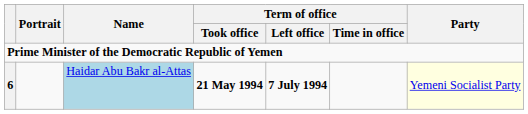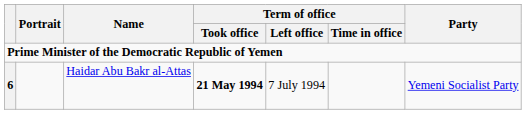 <table class="wikitable">
 <tr>
 <th rowspan="2"></th>
 <th rowspan="2">Portrait</th>
 <th rowspan="2">Name<br></th>
 <th colspan="3">Term of office</th>
 <th rowspan="2">Party</th>
 </tr>
 <tr>
 <th>Took office</th>
 <th>Left office</th>
 <th>Time in office</th>
 </tr>
 <tr>
 <td colspan="7"><strong>Prime Minister of the Democratic Republic of Yemen</strong></td>
 </tr>
 <tr>
 <th style="background:">6</th>
 <td></td>
-<td rowspan="1" style="background: lightblue;"><a href='#'>Haidar Abu Bakr al-Attas</a><br><br><br></td>
+<td rowspan="1"><a href='#'>Haidar Abu Bakr al-Attas</a><br><br><br></td>
 <td rowspan="1"><strong>21 May 1994</strong></td>
-<td rowspan="1"><strong>7 July 1994</strong></td>
+<td rowspan="1">7 July 1994</td>
 <td></td>
-<td rowspan="1" style="background: lightyellow;"><a href='#'>Yemeni Socialist Party</a><br></td>
+<td rowspan="1"><a href='#'>Yemeni Socialist Party</a><br></td>
 </tr>
 </table>
